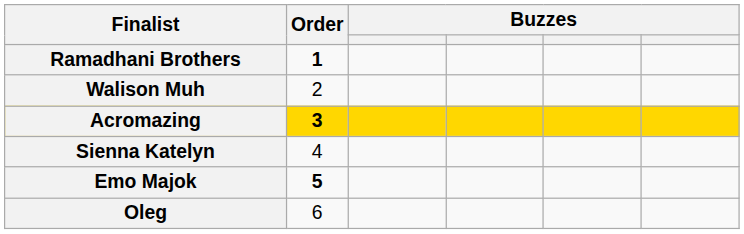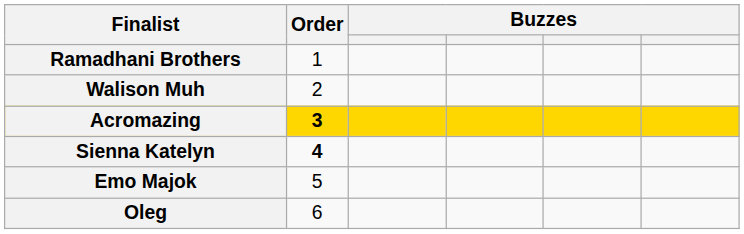 <table class="wikitable plainrowheaders sortable" style="text-align:center;">
 <tr>
 <th scope="col" rowspan="2" class="unsortable" style="width:17em;">Finalist</th>
 <th scope="col" rowspan="2" style="width:1em;">Order</th>
 <th scope="col" colspan="4" class="unsortable" style="width:24em;">Buzzes</th>
 </tr>
 <tr>
 <th scope="col" class="unsortable" style="width:6em;"></th>
 <th scope="col" class="unsortable" style="width:6em;"></th>
 <th scope="col" class="unsortable" style="width:6em;"></th>
 <th scope="col" class="unsortable" style="width:6em;"></th>
 </tr>
 <tr>
 <th scope="row">Ramadhani Brothers</th>
-<td><strong>1</strong></td>
+<td>1</td>
 <td style="text-align:center;"></td>
 <td style="text-align:center;"></td>
 <td style="text-align:center;"></td>
 <td style="text-align:center;"></td>
 </tr>
 <tr>
 <th scope="row">Walison Muh</th>
 <td>2</td>
 <td style="text-align:center;"></td>
 <td style="text-align:center;"></td>
 <td style="text-align:center;"></td>
 <td style="text-align:center;"></td>
 </tr>
 <tr style="background:Gold;">
 <th scope="row"><strong>Acromazing</strong></th>
 <td><strong>3</strong></td>
 <td style="text-align:center;"></td>
 <td style="text-align:center;"></td>
 <td style="text-align:center;"></td>
 <td style="text-align:center;"></td>
 </tr>
 <tr>
 <th scope="row">Sienna Katelyn</th>
-<td>4</td>
+<td><strong>4</strong></td>
 <td style="text-align:center;"></td>
 <td style="text-align:center;"></td>
 <td style="text-align:center;"></td>
 <td style="text-align:center;"></td>
 </tr>
 <tr>
 <th scope="row">Emo Majok</th>
-<td><strong>5</strong></td>
+<td>5</td>
 <td style="text-align:center;"></td>
 <td style="text-align:center;"></td>
 <td style="text-align:center;"></td>
 <td style="text-align:center;"></td>
 </tr>
 <tr>
 <th scope="row">Oleg</th>
 <td>6</td>
 <td style="text-align:center;"></td>
 <td style="text-align:center;"></td>
 <td style="text-align:center;"></td>
 <td style="text-align:center;"></td>
 </tr>
 </table>
